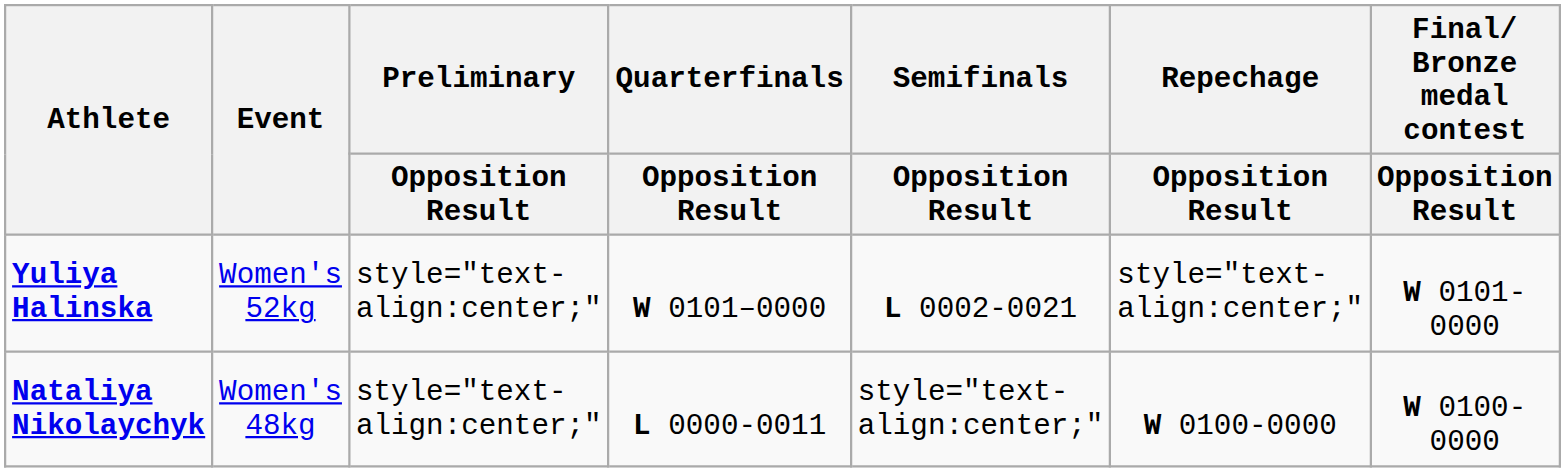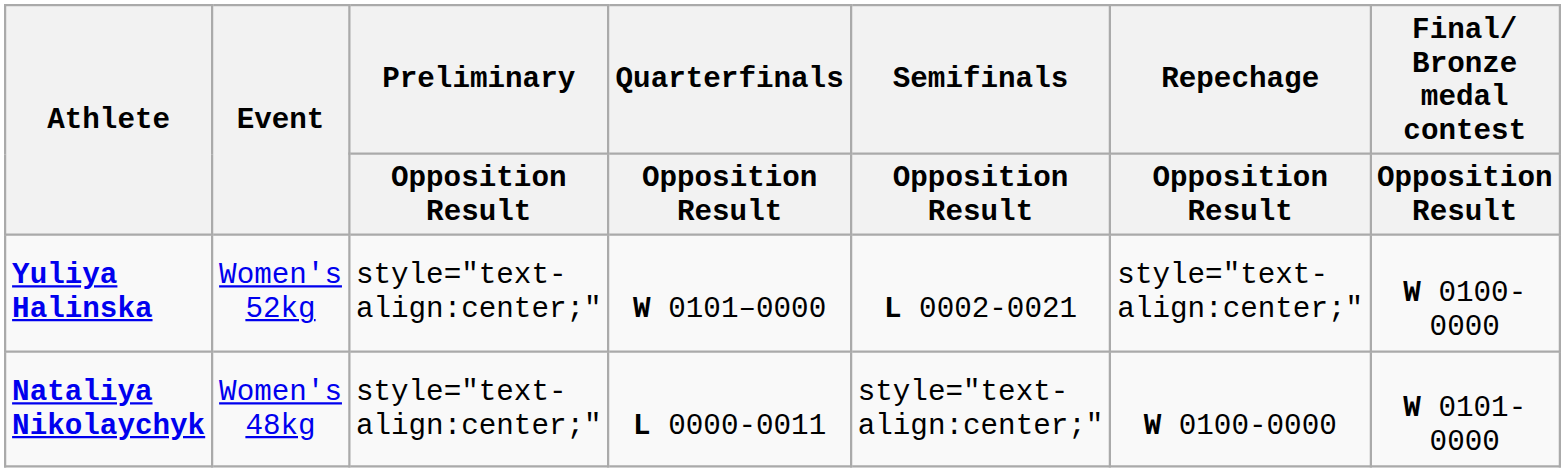 <table class= wikitable>
 <tr>
 <th rowspan="2">Athlete</th>
 <th rowspan="2">Event</th>
 <th>Preliminary</th>
 <th>Quarterfinals</th>
 <th>Semifinals</th>
 <th>Repechage</th>
 <th>Final/<br>Bronze medal contest</th>
 </tr>
 <tr>
 <th>Opposition<br>Result</th>
 <th>Opposition<br>Result</th>
 <th>Opposition<br>Result</th>
 <th>Opposition<br>Result</th>
 <th>Opposition<br>Result</th>
 </tr>
 <tr>
 <td><strong><a href='#'>Yuliya Halinska</a></strong></td>
 <td style="text-align:center;"><a href='#'>Women's 52kg</a></td>
 <td>style="text-align:center;" </td>
 <td style="text-align:center;"><br> <strong>W</strong> 0101–0000</td>
 <td style="text-align:center;"><br> <strong>L</strong> 0002-0021</td>
 <td>style="text-align:center;" </td>
-<td style="text-align:center;"><br> <strong>W</strong> 0101-0000 </td>
+<td style="text-align:center;"><br> <strong>W</strong> 0100-0000 </td>
 </tr>
 <tr>
 <td><strong><a href='#'>Nataliya Nikolaychyk</a></strong></td>
 <td style="text-align:center;"><a href='#'>Women's 48kg</a></td>
 <td>style="text-align:center;" </td>
 <td style="text-align:center;"><br> <strong>L</strong> 0000-0011</td>
 <td>style="text-align:center;" </td>
 <td style="text-align:center;"><br> <strong>W</strong> 0100-0000</td>
-<td style="text-align:center;"><br> <strong>W</strong> 0100-0000 </td>
+<td style="text-align:center;"><br> <strong>W</strong> 0101-0000 </td>
 </tr>
 </table>
